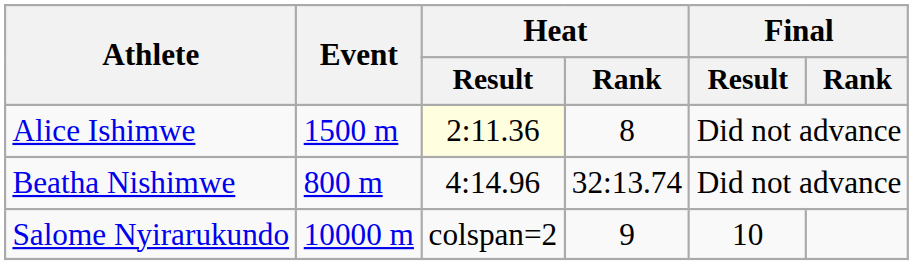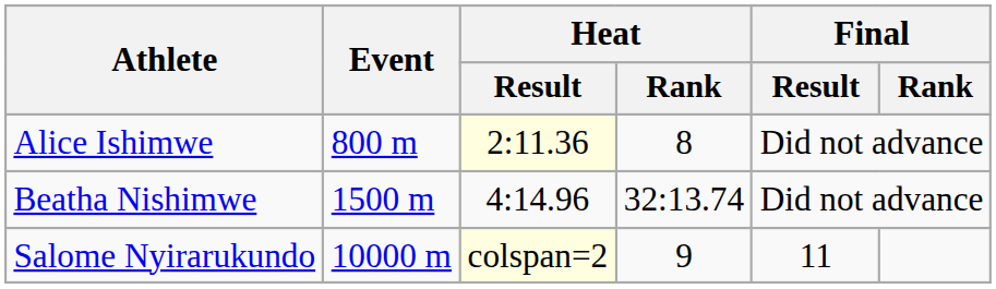 <table class="wikitable" style="font-size:90%">
 <tr>
 <th rowspan=2>Athlete</th>
 <th rowspan=2>Event</th>
 <th colspan=2>Heat</th>
 <th colspan=2>Final</th>
 </tr>
 <tr style="font-size:95%">
 <th>Result</th>
 <th>Rank</th>
 <th>Result</th>
 <th>Rank</th>
 </tr>
 <tr align=center>
 <td align=left><a href='#'>Alice Ishimwe</a></td>
-<td align=left><a href='#'>1500 m</a></td>
+<td align=left><a href='#'>800 m</a></td>
 <td style="background: lightyellow;">2:11.36</td>
 <td>8</td>
 <td colspan=2>Did not advance</td>
 </tr>
 <tr align=center>
 <td align=left><a href='#'>Beatha Nishimwe</a></td>
-<td align=left><a href='#'>800 m</a></td>
+<td align=left><a href='#'>1500 m</a></td>
 <td>4:14.96</td>
 <td>32:13.74</td>
 <td colspan=2>Did not advance</td>
 </tr>
 <tr align=center>
 <td align=left><a href='#'>Salome Nyirarukundo</a></td>
 <td align=left><a href='#'>10000 m</a></td>
-<td>colspan=2</td>
+<td style="background: lightyellow;">colspan=2</td>
 <td>9</td>
-<td>10</td>
+<td>11</td>
 </tr>
 </table>
